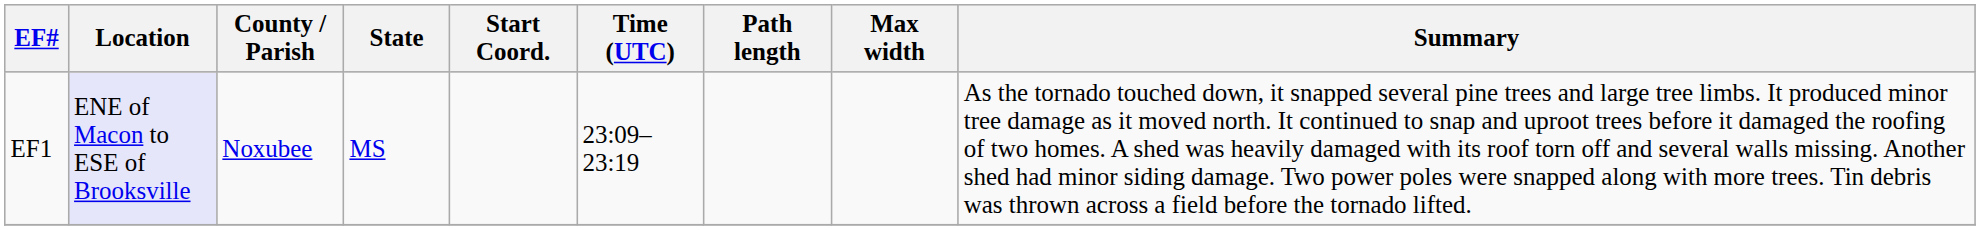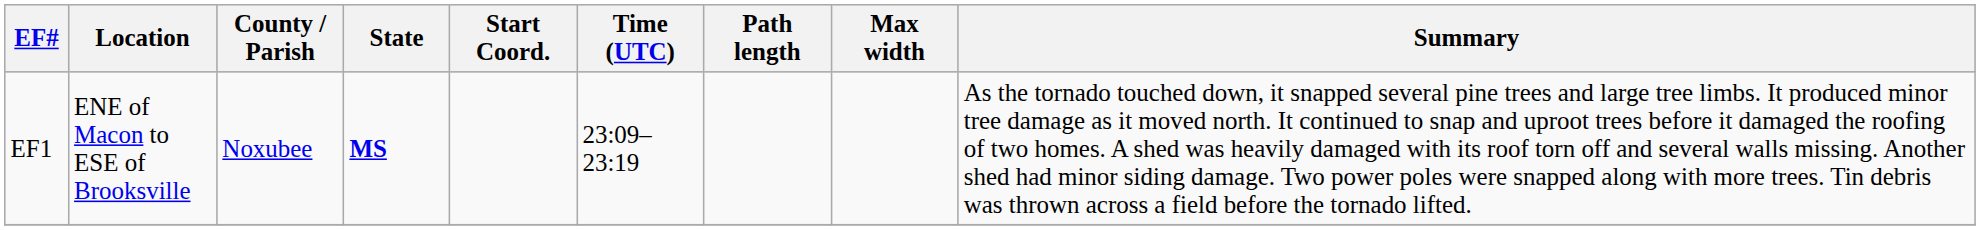 <table class="wikitable sortable" style="width:100%;">
 <tr>
 <th scope="col"  style="width:3%; text-align:center;"><a href='#'>EF#</a></th>
 <th scope="col"  style="width:7%; text-align:center;" class="unsortable">Location</th>
 <th scope="col"  style="width:6%; text-align:center;" class="unsortable">County / Parish</th>
 <th scope="col"  style="width:5%; text-align:center;">State</th>
 <th scope="col"  style="width:6%; text-align:center;">Start Coord.</th>
 <th scope="col"  style="width:6%; text-align:center;">Time (<a href='#'>UTC</a>)</th>
 <th scope="col"  style="width:6%; text-align:center;">Path length</th>
 <th scope="col"  style="width:6%; text-align:center;">Max width</th>
 <th scope="col" class="unsortable" style="width:48%; text-align:center;">Summary</th>
 </tr>
 <tr>
 <td>EF1</td>
-<td style="background: lavender;">ENE of <a href='#'>Macon</a> to ESE of <a href='#'>Brooksville</a></td>
+<td>ENE of <a href='#'>Macon</a> to ESE of <a href='#'>Brooksville</a></td>
 <td><a href='#'>Noxubee</a></td>
-<td><a href='#'>MS</a></td>
+<td><strong><a href='#'>MS</a></strong></td>
 <td></td>
 <td>23:09–23:19</td>
 <td></td>
 <td></td>
 <td>As the tornado touched down, it snapped several pine trees and large tree limbs. It produced minor tree damage as it moved north. It continued to snap and uproot trees before it damaged the roofing of two homes. A shed was heavily damaged with its roof torn off and several walls missing. Another shed had minor siding damage. Two power poles were snapped along with more trees. Tin debris was thrown across a field before the tornado lifted.</td>
 </tr>
 <tr>
 </tr>
 </table>
